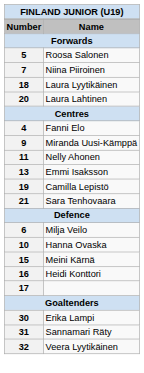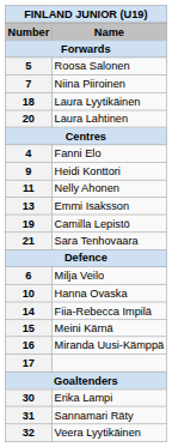 <table class="wikitable" style="text-align:left; font-size:90%;">
 <tr>
 <th style=background:#CEE0F2 colspan=2><span>FINLAND JUNIOR (U19)</span></th>
 </tr>
 <tr>
 </tr>
 <tr>
 <th style="background:silver;">Number</th>
 <th style="background:silver;">Name</th>
 </tr>
 <tr>
 <th style=background:#CEE0F2 colspan=2>Forwards</th>
 </tr>
 <tr>
 <th>5</th>
 <td>Roosa Salonen</td>
 </tr>
 <tr>
 <th>7</th>
 <td>Niina Piiroinen</td>
 </tr>
 <tr>
 <th>18</th>
 <td>Laura Lyytikäinen</td>
 </tr>
 <tr>
 <th>20</th>
 <td>Laura Lahtinen</td>
 </tr>
 <tr>
 <th style=background:#CEE0F2 colspan=2>Centres</th>
 </tr>
 <tr>
 <th>4</th>
 <td>Fanni Elo</td>
 </tr>
 <tr>
 <th>9</th>
-<td>Miranda Uusi-Kämppä</td>
+<td>Heidi Konttori</td>
 </tr>
 <tr>
 <th>11</th>
 <td>Nelly Ahonen</td>
 </tr>
 <tr>
 <th>13</th>
 <td>Emmi Isaksson</td>
 </tr>
 <tr>
 <th>19</th>
 <td>Camilla Lepistö</td>
 </tr>
 <tr>
 <th>21</th>
 <td>Sara Tenhovaara</td>
 </tr>
 <tr>
 <th style=background:#CEE0F2 colspan=2>Defence</th>
 </tr>
 <tr>
 <th>6</th>
 <td>Milja Veilo</td>
 </tr>
 <tr>
 <th>10</th>
 <td>Hanna Ovaska</td>
 </tr>
 <tr>
+<th>14</th>
+<td>Fiia-Rebecca Impilä</td>
+</tr>
+<tr>
 <th>15</th>
 <td>Meini Kärnä</td>
 </tr>
 <tr>
 <th>16</th>
-<td>Heidi Konttori</td>
+<td>Miranda Uusi-Kämppä</td>
 </tr>
 <tr>
 <th>17</th>
 <td></td>
 </tr>
 <tr>
 <th style=background:#CEE0F2 colspan=2>Goaltenders</th>
 </tr>
 <tr>
 <th>30</th>
 <td>Erika Lampi</td>
 </tr>
 <tr>
 <th>31</th>
 <td>Sannamari Räty</td>
 </tr>
 <tr>
 <th>32</th>
 <td>Veera Lyytikäinen</td>
 </tr>
 </table>
